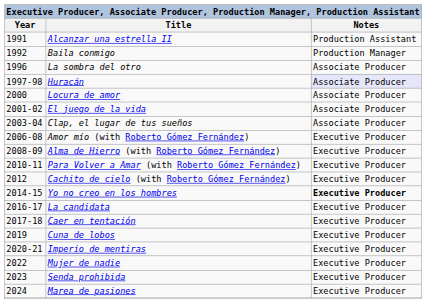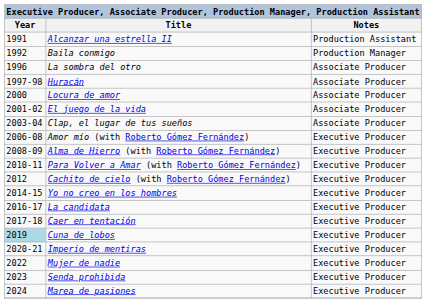 <table class="wikitable">
 <tr>
 <th colspan="5" style="background:LightSteelBlue;">Executive Producer, Associate Producer, Production Manager, Production Assistant</th>
 </tr>
 <tr>
 <th>Year</th>
 <th>Title</th>
 <th>Notes</th>
 </tr>
 <tr>
 <td>1991</td>
 <td><em><a href='#'>Alcanzar una estrella II</a></em></td>
 <td>Production Assistant</td>
 </tr>
 <tr>
 <td>1992</td>
 <td><em>Baila conmigo</em></td>
 <td>Production Manager</td>
 </tr>
 <tr>
 <td>1996</td>
 <td><em>La sombra del otro</em></td>
 <td>Associate Producer</td>
 </tr>
 <tr>
 <td>1997-98</td>
 <td><em><a href='#'>Huracán</a></em></td>
-<td style="background: lavender;">Associate Producer</td>
+<td>Associate Producer</td>
 </tr>
 <tr>
 <td>2000</td>
 <td><em><a href='#'>Locura de amor</a></em></td>
 <td>Associate Producer</td>
 </tr>
 <tr>
 <td>2001-02</td>
 <td><em><a href='#'>El juego de la vida</a></em></td>
 <td>Associate Producer</td>
 </tr>
 <tr>
 <td>2003-04</td>
 <td><em>Clap, el lugar de tus sueños</em></td>
 <td>Associate Producer</td>
 </tr>
 <tr>
 <td>2006-08</td>
 <td><em>Amor mío</em> (with <a href='#'>Roberto Gómez Fernández</a>)</td>
 <td>Executive Producer</td>
 </tr>
 <tr>
 <td>2008-09</td>
 <td><em><a href='#'>Alma de Hierro</a></em> (with <a href='#'>Roberto Gómez Fernández</a>)</td>
 <td>Executive Producer</td>
 </tr>
 <tr>
 <td>2010-11</td>
 <td><em><a href='#'>Para Volver a Amar</a></em> (with <a href='#'>Roberto Gómez Fernández</a>)</td>
 <td>Executive Producer</td>
 </tr>
 <tr>
 <td>2012</td>
 <td><em><a href='#'>Cachito de cielo</a></em>  (with <a href='#'>Roberto Gómez Fernández</a>)</td>
 <td>Executive Producer</td>
 </tr>
 <tr>
 <td>2014-15</td>
 <td><em><a href='#'>Yo no creo en los hombres</a></em></td>
-<td><strong>Executive Producer</strong></td>
+<td>Executive Producer</td>
 </tr>
 <tr>
 <td>2016-17</td>
 <td><em><a href='#'>La candidata</a></em></td>
 <td>Executive Producer</td>
 </tr>
 <tr>
 <td>2017-18</td>
 <td><em><a href='#'>Caer en tentación</a></em></td>
 <td>Executive Producer</td>
 </tr>
 <tr>
-<td>2019</td>
+<td style="background: lightblue;">2019</td>
 <td><em><a href='#'>Cuna de lobos</a></em></td>
 <td>Executive Producer</td>
 </tr>
 <tr>
 <td>2020-21</td>
 <td><em><a href='#'>Imperio de mentiras</a></em></td>
 <td>Executive Producer</td>
 </tr>
 <tr>
 <td>2022</td>
 <td><em><a href='#'>Mujer de nadie</a></em></td>
 <td>Executive Producer</td>
 </tr>
 <tr>
 <td>2023</td>
 <td><em><a href='#'>Senda prohibida</a></em></td>
 <td>Executive Producer</td>
 </tr>
 <tr>
 <td>2024</td>
 <td><em><a href='#'>Marea de pasiones</a></em></td>
 <td>Executive Producer</td>
 </tr>
 <tr>
 </tr>
 </table>
